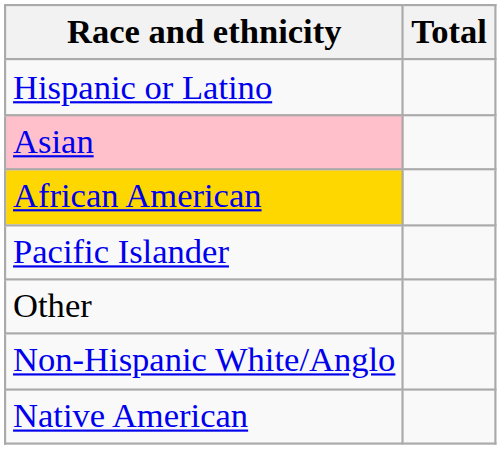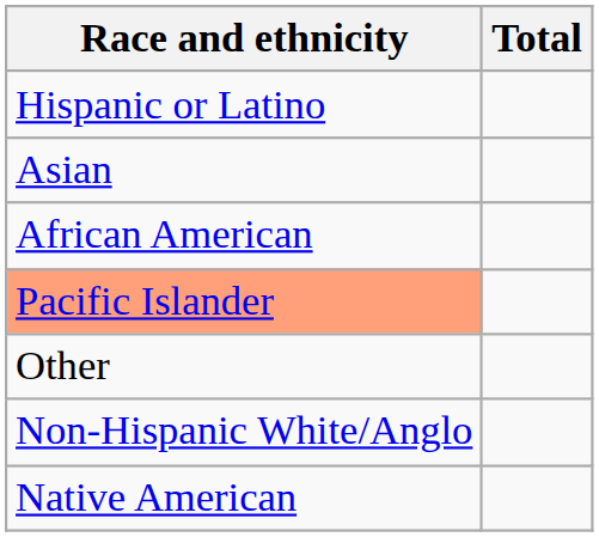 <table class="wikitable floatright sortable collapsible"; text-align:right; font-size:80%;">
 <tr>
 <th>Race and ethnicity</th>
 <th colspan="2" data-sort-type=number>Total</th>
 </tr>
 <tr>
 <td><a href='#'>Hispanic or Latino</a></td>
 <td align=right></td>
 </tr>
 <tr>
-<td style="background: pink;"><a href='#'>Asian</a></td>
+<td><a href='#'>Asian</a></td>
 <td align=right></td>
 </tr>
 <tr>
-<td style="background: gold;"><a href='#'>African American</a></td>
+<td><a href='#'>African American</a></td>
 <td align=right></td>
 </tr>
 <tr>
-<td><a href='#'>Pacific Islander</a></td>
+<td style="background: lightsalmon;"><a href='#'>Pacific Islander</a></td>
 <td align=right></td>
 </tr>
 <tr>
 <td>Other</td>
 <td align=right></td>
 </tr>
 <tr>
 <td><a href='#'>Non-Hispanic White/Anglo</a></td>
 <td align=right></td>
 </tr>
 <tr>
 <td><a href='#'>Native American</a></td>
 <td align=right></td>
 </tr>
 </table>
